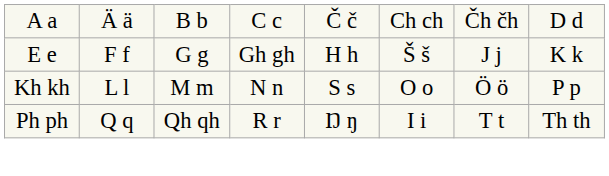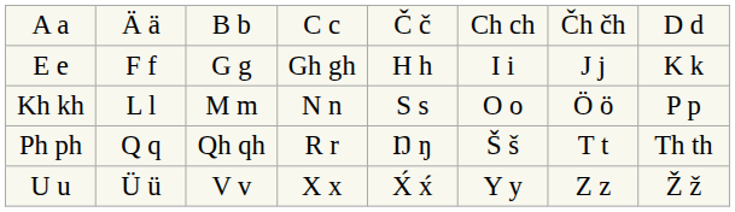 <table class="wikitable" style="font-family:Arial Unicode MS; font-size:1.4em; border-color:#000000; border-width:1px; border-style:solid; border-collapse:collapse; background-color:#F8F8EF">
 <tr>
 <td style="width:3em; text-align:center; padding: 3px;">A a</td>
 <td style="width:3em; text-align:center; padding: 3px;">Ä ä</td>
 <td style="width:3em; text-align:center; padding: 3px;">B b</td>
 <td style="width:3em; text-align:center; padding: 3px;">C c</td>
 <td style="width:3em; text-align:center; padding: 3px;">Č č</td>
 <td style="width:3em; text-align:center; padding: 3px;">Ch ch</td>
 <td style="width:3em; text-align:center; padding: 3px;">Čh čh</td>
 <td style="width:3em; text-align:center; padding: 3px;">D d</td>
 </tr>
 <tr>
 <td style="width:3em; text-align:center; padding: 3px;">E e</td>
 <td style="width:3em; text-align:center; padding: 3px;">F f</td>
 <td style="width:3em; text-align:center; padding: 3px;">G g</td>
 <td style="width:3em; text-align:center; padding: 3px;">Gh gh</td>
 <td style="width:3em; text-align:center; padding: 3px;">H h</td>
-<td style="width:3em; text-align:center; padding: 3px;">Š š</td>
+<td style="width:3em; text-align:center; padding: 3px;">I i</td>
 <td style="width:3em; text-align:center; padding: 3px;">J j</td>
 <td style="width:3em; text-align:center; padding: 3px;">K k</td>
 </tr>
 <tr>
 <td style="width:3em; text-align:center; padding: 3px;">Kh kh</td>
 <td style="width:3em; text-align:center; padding: 3px;">L l</td>
 <td style="width:3em; text-align:center; padding: 3px;">M m</td>
 <td style="width:3em; text-align:center; padding: 3px;">N n</td>
 <td style="width:3em; text-align:center; padding: 3px;">S s</td>
 <td style="width:3em; text-align:center; padding: 3px;">O o</td>
 <td style="width:3em; text-align:center; padding: 3px;">Ö ö</td>
 <td style="width:3em; text-align:center; padding: 3px;">P p</td>
 </tr>
 <tr>
 <td style="width:3em; text-align:center; padding: 3px;">Ph ph</td>
 <td style="width:3em; text-align:center; padding: 3px;">Q q</td>
 <td style="width:3em; text-align:center; padding: 3px;">Qh qh</td>
 <td style="width:3em; text-align:center; padding: 3px;">R r</td>
 <td style="width:3em; text-align:center; padding: 3px;">Ŋ ŋ</td>
-<td style="width:3em; text-align:center; padding: 3px;">I i</td>
+<td style="width:3em; text-align:center; padding: 3px;">Š š</td>
 <td style="width:3em; text-align:center; padding: 3px;">T t</td>
 <td style="width:3em; text-align:center; padding: 3px;">Th th</td>
 </tr>
+<tr>
+<td style="width:3em; text-align:center; padding: 3px;">U u</td>
+<td style="width:3em; text-align:center; padding: 3px;">Ü ü</td>
+<td style="width:3em; text-align:center; padding: 3px;">V v</td>
+<td style="width:3em; text-align:center; padding: 3px;">X x</td>
+<td style="width:3em; text-align:center; padding: 3px;">X́ x́</td>
+<td style="width:3em; text-align:center; padding: 3px;">Y y</td>
+<td style="width:3em; text-align:center; padding: 3px;">Z z</td>
+<td style="width:3em; text-align:center; padding: 3px;">Ž ž</td>
+</tr>
 </table>
